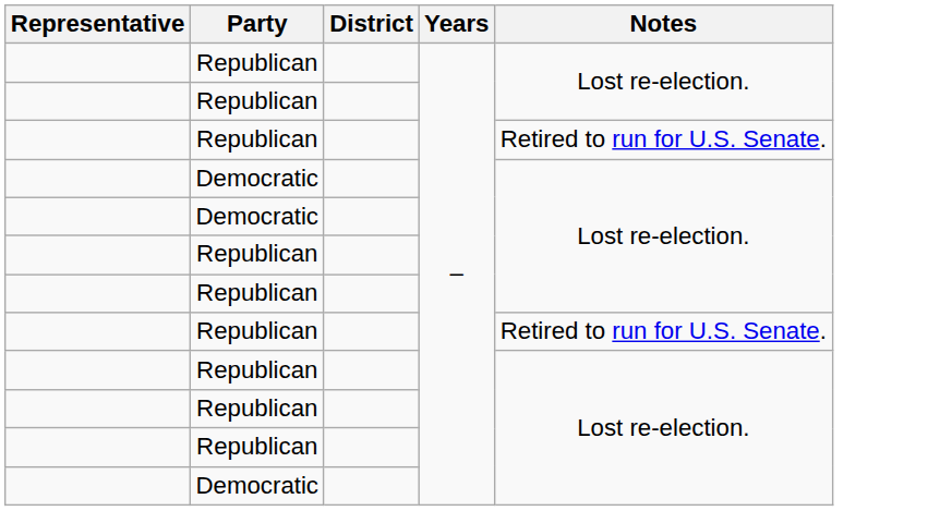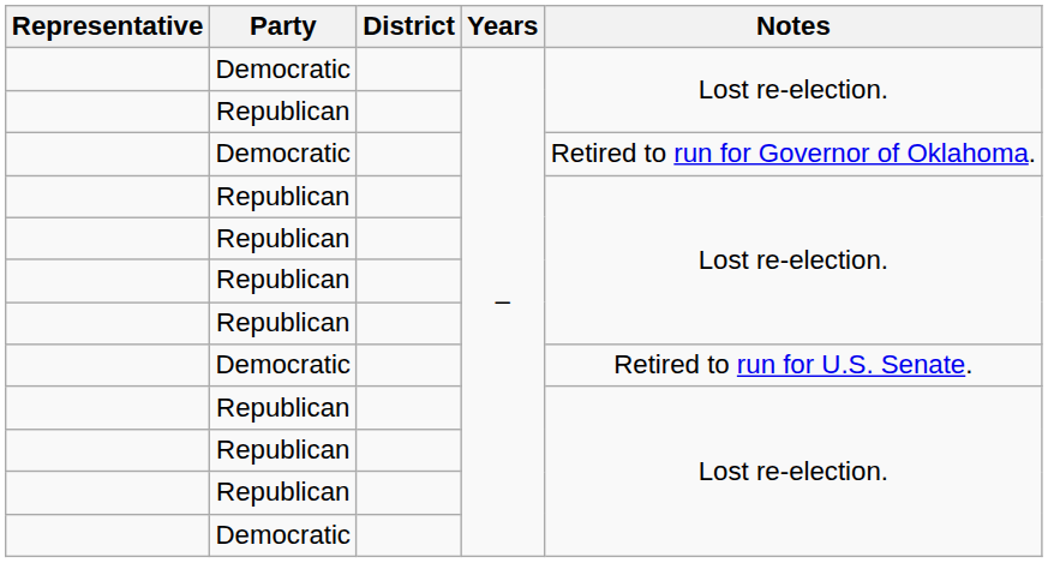 <table class="wikitable sortable" style="text-align:center">
 <tr valign=bottom>
 <th>Representative</th>
 <th>Party</th>
 <th>District</th>
 <th>Years</th>
 <th>Notes</th>
 </tr>
 <tr>
 <td align=left></td>
-<td>Republican</td>
+<td>Democratic</td>
 <td></td>
 <td rowspan="12" nowrap=""> –<br></td>
 <td rowspan="2">Lost re-election.</td>
 </tr>
 <tr>
 <td align=left></td>
 <td>Republican</td>
 <td></td>
 </tr>
 <tr>
 <td align=left></td>
-<td>Republican</td>
+<td>Democratic</td>
 <td></td>
-<td>Retired to <a href='#'>run for U.S. Senate</a>.</td>
+<td>Retired to <a href='#'>run for Governor of Oklahoma</a>.</td>
 </tr>
 <tr>
 <td align=left></td>
-<td>Democratic</td>
+<td>Republican</td>
 <td></td>
 <td rowspan="4">Lost re-election.</td>
 </tr>
 <tr>
 <td align=left></td>
-<td>Democratic</td>
+<td>Republican</td>
 <td></td>
 </tr>
 <tr>
 <td align=left></td>
 <td>Republican</td>
 <td></td>
 </tr>
 <tr>
 <td align=left></td>
 <td>Republican</td>
 <td></td>
 </tr>
 <tr>
 <td align=left></td>
-<td>Republican</td>
+<td>Democratic</td>
 <td></td>
 <td>Retired to <a href='#'>run for U.S. Senate</a>.</td>
 </tr>
 <tr>
 <td align=left></td>
 <td>Republican</td>
 <td></td>
 <td rowspan="4">Lost re-election.</td>
 </tr>
 <tr>
 <td align=left></td>
 <td>Republican</td>
 <td></td>
 </tr>
 <tr>
 <td align=left></td>
 <td>Republican</td>
 <td></td>
 </tr>
 <tr>
 <td align=left></td>
 <td>Democratic</td>
 <td></td>
 </tr>
 </table>
